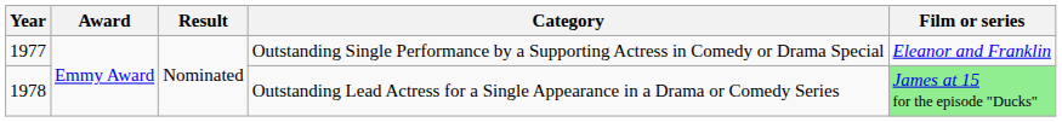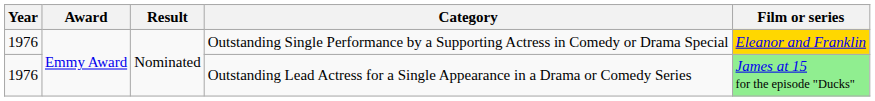 <table class="wikitable" style="font-size: 90%;">
 <tr>
 <th>Year</th>
 <th>Award</th>
 <th>Result</th>
 <th>Category</th>
 <th>Film or series</th>
 </tr>
 <tr>
-<td>1977</td>
+<td>1976</td>
 <td rowspan=2><a href='#'>Emmy Award</a></td>
 <td rowspan=2>Nominated</td>
 <td>Outstanding Single Performance by a Supporting Actress in Comedy or Drama Special</td>
-<td><em><a href='#'>Eleanor and Franklin</a></em></td>
+<td style="background: gold;"><em><a href='#'>Eleanor and Franklin</a></em></td>
 </tr>
 <tr>
-<td>1978</td>
+<td>1976</td>
 <td>Outstanding Lead Actress for a Single Appearance in a Drama or Comedy Series</td>
 <td style="background: lightgreen;"><em><a href='#'>James at 15</a></em><br><small>for the episode "Ducks"</small></td>
 </tr>
 </table>
